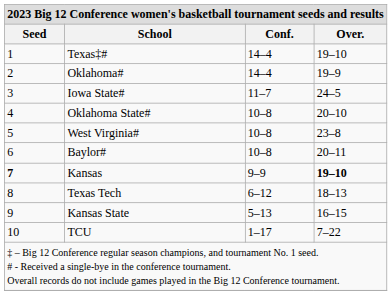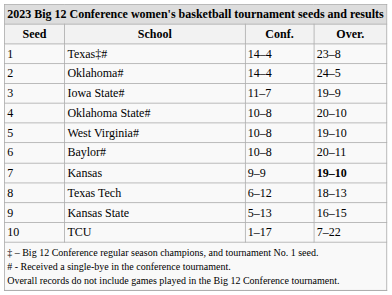 <table class="wikitable" style="white-space:nowrap; font-size:95%;">
 <tr>
 <td colspan="9" style="text-align:center; background:#DDDDDD; font:#000000"><strong>2023 Big 12 Conference women's basketball tournament seeds and results</strong></td>
 </tr>
 <tr bgcolor="#efefef">
 <th>Seed</th>
 <th>School</th>
 <th>Conf.</th>
 <th>Over.</th>
 </tr>
 <tr>
 <td>1</td>
 <td>Texas‡#</td>
 <td>14–4</td>
-<td>19–10</td>
+<td>23–8</td>
 </tr>
 <tr>
 <td>2</td>
 <td>Oklahoma#</td>
 <td>14–4</td>
-<td>19–9</td>
+<td>24–5</td>
 </tr>
 <tr>
 <td>3</td>
 <td>Iowa State#</td>
 <td>11–7</td>
-<td>24–5</td>
+<td>19–9</td>
 </tr>
 <tr>
 <td>4</td>
 <td>Oklahoma State#</td>
 <td>10–8</td>
 <td>20–10</td>
 </tr>
 <tr>
 <td>5</td>
 <td>West Virginia#</td>
 <td>10–8</td>
-<td>23–8</td>
+<td>19–10</td>
 </tr>
 <tr>
 <td>6</td>
 <td>Baylor#</td>
 <td>10–8</td>
 <td>20–11</td>
 </tr>
 <tr>
-<td><strong>7</strong></td>
+<td>7</td>
 <td>Kansas</td>
 <td>9–9</td>
 <td><strong>19–10</strong></td>
 </tr>
 <tr>
 <td>8</td>
 <td>Texas Tech</td>
 <td>6–12</td>
 <td>18–13</td>
 </tr>
 <tr>
 <td>9</td>
 <td>Kansas State</td>
 <td>5–13</td>
 <td>16–15</td>
 </tr>
 <tr>
 <td>10</td>
 <td>TCU</td>
 <td>1–17</td>
 <td>7–22</td>
 </tr>
 <tr>
 <td colspan="9" style="text-align:left;"><small>‡ – Big 12 Conference regular season champions, and tournament No. 1 seed.<br># - Received a single-bye in the conference tournament.<br>Overall records do not include games played in the Big 12 Conference tournament.</small></td>
 </tr>
 <tr>
 </tr>
 </table>
